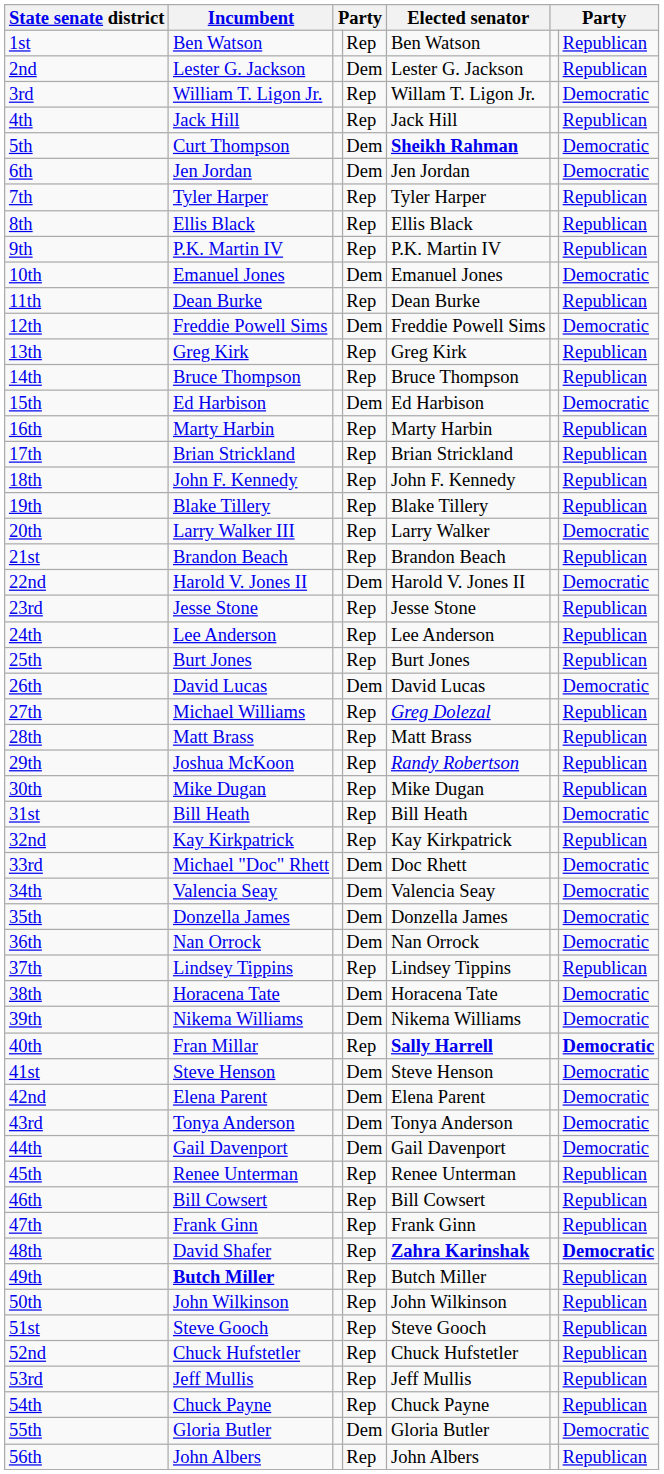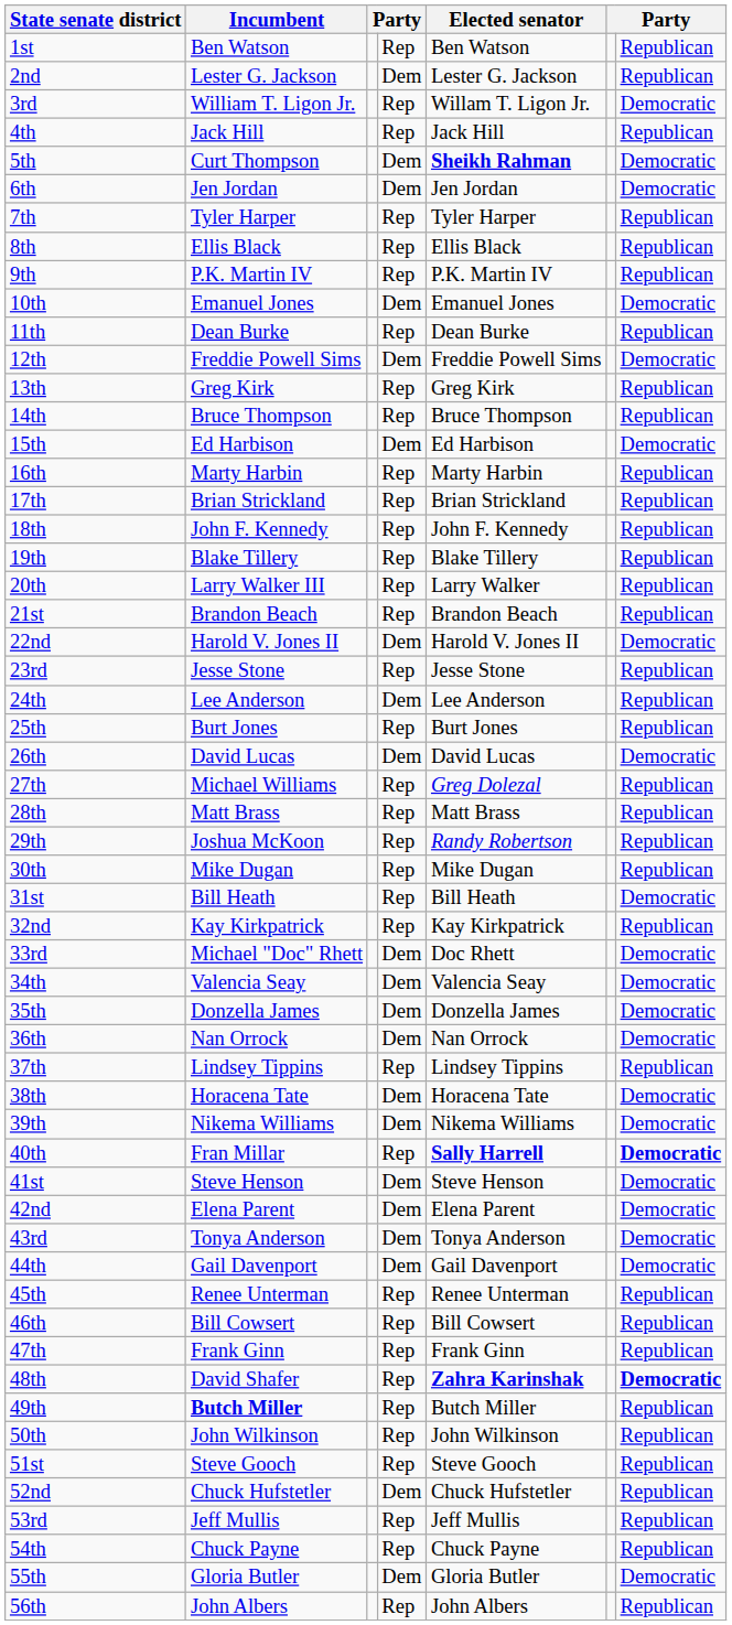 <table class="sortable wikitable" style="font-size:95%;line-height:14px;">
 <tr>
 <th class="unsortable"><a href='#'>State senate</a> district</th>
 <th class="unsortable"><a href='#'>Incumbent</a></th>
 <th colspan="2">Party</th>
 <th class="unsortable">Elected senator</th>
 <th colspan="2">Party</th>
 </tr>
 <tr>
 <td><a href='#'>1st</a></td>
 <td><a href='#'>Ben Watson</a></td>
 <td style="background:"></td>
 <td>Rep</td>
 <td>Ben Watson</td>
 <td style="background:"></td>
 <td><a href='#'>Republican</a></td>
 </tr>
 <tr>
 <td><a href='#'>2nd</a></td>
 <td><a href='#'>Lester G. Jackson</a></td>
 <td style="background:"></td>
 <td>Dem</td>
 <td>Lester G. Jackson</td>
 <td style="background:"></td>
 <td><a href='#'>Republican</a></td>
 </tr>
 <tr>
 <td><a href='#'>3rd</a></td>
 <td><a href='#'>William T. Ligon Jr.</a></td>
 <td style="background:"></td>
 <td>Rep</td>
 <td>Willam T. Ligon Jr.</td>
 <td style="background:"></td>
 <td><a href='#'>Democratic</a></td>
 </tr>
 <tr>
 <td><a href='#'>4th</a></td>
 <td><a href='#'>Jack Hill</a></td>
 <td style="background:"></td>
 <td>Rep</td>
 <td>Jack Hill</td>
 <td style="background:"></td>
 <td><a href='#'>Republican</a></td>
 </tr>
 <tr>
 <td><a href='#'>5th</a></td>
 <td><a href='#'>Curt Thompson</a></td>
 <td style="background:"></td>
 <td>Dem</td>
 <td><strong><a href='#'>Sheikh Rahman</a></strong></td>
 <td style="background:"></td>
 <td><a href='#'>Democratic</a></td>
 </tr>
 <tr>
 <td><a href='#'>6th</a></td>
 <td><a href='#'>Jen Jordan</a></td>
 <td style="background:"></td>
 <td>Dem</td>
 <td>Jen Jordan</td>
 <td style="background:"></td>
 <td><a href='#'>Democratic</a></td>
 </tr>
 <tr>
 <td><a href='#'>7th</a></td>
 <td><a href='#'>Tyler Harper</a></td>
 <td style="background:"></td>
 <td>Rep</td>
 <td>Tyler Harper</td>
 <td style="background:"></td>
 <td><a href='#'>Republican</a></td>
 </tr>
 <tr>
 <td><a href='#'>8th</a></td>
 <td><a href='#'>Ellis Black</a></td>
 <td style="background:"></td>
 <td>Rep</td>
 <td>Ellis Black</td>
 <td style="background:"></td>
 <td><a href='#'>Republican</a></td>
 </tr>
 <tr>
 <td><a href='#'>9th</a></td>
 <td><a href='#'>P.K. Martin IV</a></td>
 <td style="background:"></td>
 <td>Rep</td>
 <td>P.K. Martin IV</td>
 <td style="background:"></td>
 <td><a href='#'>Republican</a></td>
 </tr>
 <tr>
 <td><a href='#'>10th</a></td>
 <td><a href='#'>Emanuel Jones</a></td>
 <td style="background:"></td>
 <td>Dem</td>
 <td>Emanuel Jones</td>
 <td style="background:"></td>
 <td><a href='#'>Democratic</a></td>
 </tr>
 <tr>
 <td><a href='#'>11th</a></td>
 <td><a href='#'>Dean Burke</a></td>
 <td style="background:"></td>
 <td>Rep</td>
 <td>Dean Burke</td>
 <td style="background:"></td>
 <td><a href='#'>Republican</a></td>
 </tr>
 <tr>
 <td><a href='#'>12th</a></td>
 <td><a href='#'>Freddie Powell Sims</a></td>
 <td style="background:"></td>
 <td>Dem</td>
 <td>Freddie Powell Sims</td>
 <td style="background:"></td>
 <td><a href='#'>Democratic</a></td>
 </tr>
 <tr>
 <td><a href='#'>13th</a></td>
 <td><a href='#'>Greg Kirk</a></td>
 <td style="background:"></td>
 <td>Rep</td>
 <td>Greg Kirk</td>
 <td style="background:"></td>
 <td><a href='#'>Republican</a></td>
 </tr>
 <tr>
 <td><a href='#'>14th</a></td>
 <td><a href='#'>Bruce Thompson</a></td>
 <td style="background:"></td>
 <td>Rep</td>
 <td>Bruce Thompson</td>
 <td style="background:"></td>
 <td><a href='#'>Republican</a></td>
 </tr>
 <tr>
 <td><a href='#'>15th</a></td>
 <td><a href='#'>Ed Harbison</a></td>
 <td style="background:"></td>
 <td>Dem</td>
 <td>Ed Harbison</td>
 <td style="background:"></td>
 <td><a href='#'>Democratic</a></td>
 </tr>
 <tr>
 <td><a href='#'>16th</a></td>
 <td><a href='#'>Marty Harbin</a></td>
 <td style="background:"></td>
 <td>Rep</td>
 <td>Marty Harbin</td>
 <td style="background:"></td>
 <td><a href='#'>Republican</a></td>
 </tr>
 <tr>
 <td><a href='#'>17th</a></td>
 <td><a href='#'>Brian Strickland</a></td>
 <td style="background:"></td>
 <td>Rep</td>
 <td>Brian Strickland</td>
 <td style="background:"></td>
 <td><a href='#'>Republican</a></td>
 </tr>
 <tr>
 <td><a href='#'>18th</a></td>
 <td><a href='#'>John F. Kennedy</a></td>
 <td style="background:"></td>
 <td>Rep</td>
 <td>John F. Kennedy</td>
 <td style="background:"></td>
 <td><a href='#'>Republican</a></td>
 </tr>
 <tr>
 <td><a href='#'>19th</a></td>
 <td><a href='#'>Blake Tillery</a></td>
 <td style="background:"></td>
 <td>Rep</td>
 <td>Blake Tillery</td>
 <td style="background:"></td>
 <td><a href='#'>Republican</a></td>
 </tr>
 <tr>
 <td><a href='#'>20th</a></td>
 <td><a href='#'>Larry Walker III</a></td>
 <td style="background:"></td>
 <td>Rep</td>
 <td>Larry Walker</td>
 <td style="background:"></td>
-<td><a href='#'>Democratic</a></td>
+<td><a href='#'>Republican</a></td>
 </tr>
 <tr>
 <td><a href='#'>21st</a></td>
 <td><a href='#'>Brandon Beach</a></td>
 <td style="background:"></td>
 <td>Rep</td>
 <td>Brandon Beach</td>
 <td style="background:"></td>
 <td><a href='#'>Republican</a></td>
 </tr>
 <tr>
 <td><a href='#'>22nd</a></td>
 <td><a href='#'>Harold V. Jones II</a></td>
 <td style="background:"></td>
 <td>Dem</td>
 <td>Harold V. Jones II</td>
 <td style="background:"></td>
 <td><a href='#'>Democratic</a></td>
 </tr>
 <tr>
 <td><a href='#'>23rd</a></td>
 <td><a href='#'>Jesse Stone</a></td>
 <td style="background:"></td>
 <td>Rep</td>
 <td>Jesse Stone</td>
 <td style="background:"></td>
 <td><a href='#'>Republican</a></td>
 </tr>
 <tr>
 <td><a href='#'>24th</a></td>
 <td><a href='#'>Lee Anderson</a></td>
 <td style="background:"></td>
-<td>Rep</td>
+<td>Dem</td>
 <td>Lee Anderson</td>
 <td style="background:"></td>
 <td><a href='#'>Republican</a></td>
 </tr>
 <tr>
 <td><a href='#'>25th</a></td>
 <td><a href='#'>Burt Jones</a></td>
 <td style="background:"></td>
 <td>Rep</td>
 <td>Burt Jones</td>
 <td style="background:"></td>
 <td><a href='#'>Republican</a></td>
 </tr>
 <tr>
 <td><a href='#'>26th</a></td>
 <td><a href='#'>David Lucas</a></td>
 <td style="background:"></td>
 <td>Dem</td>
 <td>David Lucas</td>
 <td style="background:"></td>
 <td><a href='#'>Democratic</a></td>
 </tr>
 <tr>
 <td><a href='#'>27th</a></td>
 <td><a href='#'>Michael Williams</a></td>
 <td style="background:"></td>
 <td>Rep</td>
 <td><em><a href='#'>Greg Dolezal</a></em></td>
 <td style="background:"></td>
 <td><a href='#'>Republican</a></td>
 </tr>
 <tr>
 <td><a href='#'>28th</a></td>
 <td><a href='#'>Matt Brass</a></td>
 <td style="background:"></td>
 <td>Rep</td>
 <td>Matt Brass</td>
 <td style="background:"></td>
 <td><a href='#'>Republican</a></td>
 </tr>
 <tr>
 <td><a href='#'>29th</a></td>
 <td><a href='#'>Joshua McKoon</a></td>
 <td style="background:"></td>
 <td>Rep</td>
 <td><em><a href='#'>Randy Robertson</a></em></td>
 <td style="background:"></td>
 <td><a href='#'>Republican</a></td>
 </tr>
 <tr>
 <td><a href='#'>30th</a></td>
 <td><a href='#'>Mike Dugan</a></td>
 <td style="background:"></td>
 <td>Rep</td>
 <td>Mike Dugan</td>
 <td style="background:"></td>
 <td><a href='#'>Republican</a></td>
 </tr>
 <tr>
 <td><a href='#'>31st</a></td>
 <td><a href='#'>Bill Heath</a></td>
 <td style="background:"></td>
 <td>Rep</td>
 <td>Bill Heath</td>
 <td style="background:"></td>
 <td><a href='#'>Democratic</a></td>
 </tr>
 <tr>
 <td><a href='#'>32nd</a></td>
 <td><a href='#'>Kay Kirkpatrick</a></td>
 <td style="background:"></td>
 <td>Rep</td>
 <td>Kay Kirkpatrick</td>
 <td style="background:"></td>
 <td><a href='#'>Republican</a></td>
 </tr>
 <tr>
 <td><a href='#'>33rd</a></td>
 <td><a href='#'>Michael "Doc" Rhett</a></td>
 <td style="background:"></td>
 <td>Dem</td>
 <td>Doc Rhett</td>
 <td style="background:"></td>
 <td><a href='#'>Democratic</a></td>
 </tr>
 <tr>
 <td><a href='#'>34th</a></td>
 <td><a href='#'>Valencia Seay</a></td>
 <td style="background:"></td>
 <td>Dem</td>
 <td>Valencia Seay</td>
 <td style="background:"></td>
 <td><a href='#'>Democratic</a></td>
 </tr>
 <tr>
 <td><a href='#'>35th</a></td>
 <td><a href='#'>Donzella James</a></td>
 <td style="background:"></td>
 <td>Dem</td>
 <td>Donzella James</td>
 <td style="background:"></td>
 <td><a href='#'>Democratic</a></td>
 </tr>
 <tr>
 <td><a href='#'>36th</a></td>
 <td><a href='#'>Nan Orrock</a></td>
 <td style="background:"></td>
 <td>Dem</td>
 <td>Nan Orrock</td>
 <td style="background:"></td>
 <td><a href='#'>Democratic</a></td>
 </tr>
 <tr>
 <td><a href='#'>37th</a></td>
 <td><a href='#'>Lindsey Tippins</a></td>
 <td style="background:"></td>
 <td>Rep</td>
 <td>Lindsey Tippins</td>
 <td style="background:"></td>
 <td><a href='#'>Republican</a></td>
 </tr>
 <tr>
 <td><a href='#'>38th</a></td>
 <td><a href='#'>Horacena Tate</a></td>
 <td style="background:"></td>
 <td>Dem</td>
 <td>Horacena Tate</td>
 <td style="background:"></td>
 <td><a href='#'>Democratic</a></td>
 </tr>
 <tr>
 <td><a href='#'>39th</a></td>
 <td><a href='#'>Nikema Williams</a></td>
 <td style="background:"></td>
 <td>Dem</td>
 <td>Nikema Williams</td>
 <td style="background:"></td>
 <td><a href='#'>Democratic</a></td>
 </tr>
 <tr>
 <td><a href='#'>40th</a></td>
 <td><a href='#'>Fran Millar</a></td>
 <td style="background:"></td>
 <td>Rep</td>
 <td><strong><a href='#'>Sally Harrell</a></strong></td>
 <td style="background:"></td>
 <td><strong><a href='#'>Democratic</a></strong></td>
 </tr>
 <tr>
 <td><a href='#'>41st</a></td>
 <td><a href='#'>Steve Henson</a></td>
 <td style="background:"></td>
 <td>Dem</td>
 <td>Steve Henson</td>
 <td style="background:"></td>
 <td><a href='#'>Democratic</a></td>
 </tr>
 <tr>
 <td><a href='#'>42nd</a></td>
 <td><a href='#'>Elena Parent</a></td>
 <td style="background:"></td>
 <td>Dem</td>
 <td>Elena Parent</td>
 <td style="background:"></td>
 <td><a href='#'>Democratic</a></td>
 </tr>
 <tr>
 <td><a href='#'>43rd</a></td>
 <td><a href='#'>Tonya Anderson</a></td>
 <td style="background:"></td>
 <td>Dem</td>
 <td>Tonya Anderson</td>
 <td style="background:"></td>
 <td><a href='#'>Democratic</a></td>
 </tr>
 <tr>
 <td><a href='#'>44th</a></td>
 <td><a href='#'>Gail Davenport</a></td>
 <td style="background:"></td>
 <td>Dem</td>
 <td>Gail Davenport</td>
 <td style="background:"></td>
 <td><a href='#'>Democratic</a></td>
 </tr>
 <tr>
 <td><a href='#'>45th</a></td>
 <td><a href='#'>Renee Unterman</a></td>
 <td style="background:"></td>
 <td>Rep</td>
 <td>Renee Unterman</td>
 <td style="background:"></td>
 <td><a href='#'>Republican</a></td>
 </tr>
 <tr>
 <td><a href='#'>46th</a></td>
 <td><a href='#'>Bill Cowsert</a></td>
 <td style="background:"></td>
 <td>Rep</td>
 <td>Bill Cowsert</td>
 <td style="background:"></td>
 <td><a href='#'>Republican</a></td>
 </tr>
 <tr>
 <td><a href='#'>47th</a></td>
 <td><a href='#'>Frank Ginn</a></td>
 <td style="background:"></td>
 <td>Rep</td>
 <td>Frank Ginn</td>
 <td style="background:"></td>
 <td><a href='#'>Republican</a></td>
 </tr>
 <tr>
 <td><a href='#'>48th</a></td>
 <td><a href='#'>David Shafer</a></td>
 <td style="background:"></td>
 <td>Rep</td>
 <td><strong><a href='#'>Zahra Karinshak</a></strong></td>
 <td style="background:"></td>
 <td><strong><a href='#'>Democratic</a></strong></td>
 </tr>
 <tr>
 <td><a href='#'>49th</a></td>
 <td><strong><a href='#'>Butch Miller</a></strong></td>
 <td style="background:"></td>
 <td>Rep</td>
 <td>Butch Miller</td>
 <td style="background:"></td>
 <td><a href='#'>Republican</a></td>
 </tr>
 <tr>
 <td><a href='#'>50th</a></td>
 <td><a href='#'>John Wilkinson</a></td>
 <td style="background:"></td>
 <td>Rep</td>
 <td>John Wilkinson</td>
 <td style="background:"></td>
 <td><a href='#'>Republican</a></td>
 </tr>
 <tr>
 <td><a href='#'>51st</a></td>
 <td><a href='#'>Steve Gooch</a></td>
 <td style="background:"></td>
 <td>Rep</td>
 <td>Steve Gooch</td>
 <td style="background:"></td>
 <td><a href='#'>Republican</a></td>
 </tr>
 <tr>
 <td><a href='#'>52nd</a></td>
 <td><a href='#'>Chuck Hufstetler</a></td>
 <td style="background:"></td>
-<td>Rep</td>
+<td>Dem</td>
 <td>Chuck Hufstetler</td>
 <td style="background:"></td>
 <td><a href='#'>Republican</a></td>
 </tr>
 <tr>
 <td><a href='#'>53rd</a></td>
 <td><a href='#'>Jeff Mullis</a></td>
 <td style="background:"></td>
 <td>Rep</td>
 <td>Jeff Mullis</td>
 <td style="background:"></td>
 <td><a href='#'>Republican</a></td>
 </tr>
 <tr>
 <td><a href='#'>54th</a></td>
 <td><a href='#'>Chuck Payne</a></td>
 <td style="background:"></td>
 <td>Rep</td>
 <td>Chuck Payne</td>
 <td style="background:"></td>
 <td><a href='#'>Republican</a></td>
 </tr>
 <tr>
 <td><a href='#'>55th</a></td>
 <td><a href='#'>Gloria Butler</a></td>
 <td style="background:"></td>
 <td>Dem</td>
 <td>Gloria Butler</td>
 <td style="background:"></td>
 <td><a href='#'>Democratic</a></td>
 </tr>
 <tr>
 <td><a href='#'>56th</a></td>
 <td><a href='#'>John Albers</a></td>
 <td style="background:"></td>
 <td>Rep</td>
 <td>John Albers</td>
 <td style="background:"></td>
 <td><a href='#'>Republican</a></td>
 </tr>
 <tr>
 </tr>
 </table>
